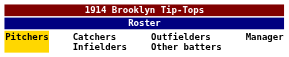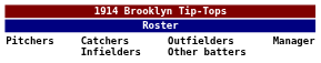 <table class="toccolours" style="font-size: 95%;">
 <tr>
 <th colspan="10" style="background-color: maroon; color: white; text-align: center;">1914 Brooklyn Tip-Tops</th>
 </tr>
 <tr>
 <td colspan="10" style="background-color: navy; color: white; text-align: center;"><strong>Roster</strong></td>
 </tr>
 <tr>
-<td valign="top" style="background: gold;"><strong>Pitchers</strong><br>               </td>
+<td valign="top"><strong>Pitchers</strong><br>               </td>
 <td width="25px"></td>
 <td valign="top"><strong>Catchers</strong><br>   <strong>Infielders</strong>        </td>
 <td width="25px"></td>
 <td valign="top"><strong>Outfielders</strong><br>      <strong>Other batters</strong> </td>
 <td width="25px"></td>
 <td valign="top"><strong>Manager</strong><br></td>
 </tr>
 </table>
